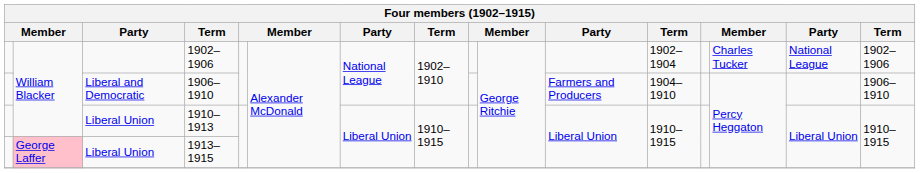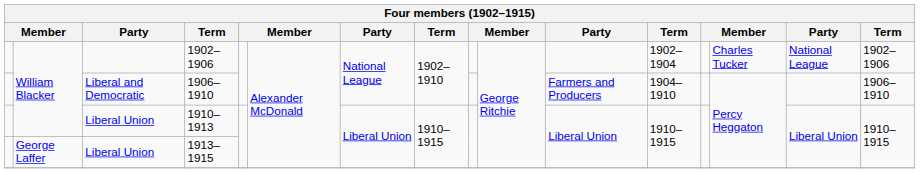 <table class="wikitable">
 <tr>
 <th colspan=16>Four members (1902–1915)</th>
 </tr>
 <tr>
 <th colspan="2">Member</th>
 <th>Party</th>
 <th>Term</th>
 <th colspan="2">Member</th>
 <th>Party</th>
 <th>Term</th>
 <th colspan="2">Member</th>
 <th>Party</th>
 <th>Term</th>
 <th colspan="2">Member</th>
 <th>Party</th>
 <th>Term</th>
 </tr>
 <tr>
 <td rowspan="2" > </td>
 <td rowspan="4"><a href='#'>William Blacker</a></td>
 <td rowspan="2"></td>
 <td rowspan="2">1902–1906</td>
 <td rowspan="3" > </td>
 <td rowspan="5"><a href='#'>Alexander McDonald</a></td>
 <td rowspan="3"><a href='#'>National League</a></td>
 <td rowspan="3">1902–1910</td>
 <td> </td>
 <td rowspan="5"><a href='#'>George Ritchie</a></td>
 <td></td>
 <td>1902–1904</td>
 <td rowspan=2 > </td>
 <td rowspan=2><a href='#'>Charles Tucker</a></td>
 <td rowspan=2><a href='#'>National League</a></td>
 <td rowspan=2>1902–1906</td>
 </tr>
 <tr>
 <td rowspan=2 > </td>
 <td rowspan=2><a href='#'>Farmers and Producers</a></td>
 <td rowspan=2>1904–1910</td>
 </tr>
 <tr>
 <td> </td>
 <td><a href='#'>Liberal and Democratic</a></td>
 <td>1906–1910</td>
 <td> </td>
 <td rowspan="3"><a href='#'>Percy Heggaton</a></td>
 <td></td>
 <td>1906–1910</td>
 </tr>
 <tr>
 <td> </td>
 <td><a href='#'>Liberal Union</a></td>
 <td>1910–1913</td>
 <td rowspan="2" > </td>
 <td rowspan="2"><a href='#'>Liberal Union</a></td>
 <td rowspan="2">1910–1915</td>
 <td rowspan="2" > </td>
 <td rowspan="2"><a href='#'>Liberal Union</a></td>
 <td rowspan="2">1910–1915</td>
 <td rowspan="2" > </td>
 <td rowspan="2"><a href='#'>Liberal Union</a></td>
 <td rowspan="2">1910–1915</td>
 </tr>
 <tr>
 <td> </td>
-<td style="background: pink;"><a href='#'>George Laffer</a></td>
+<td><a href='#'>George Laffer</a></td>
 <td><a href='#'>Liberal Union</a></td>
 <td>1913–1915</td>
 </tr>
 <tr>
 </tr>
 </table>
